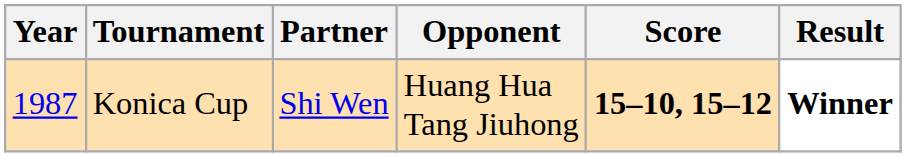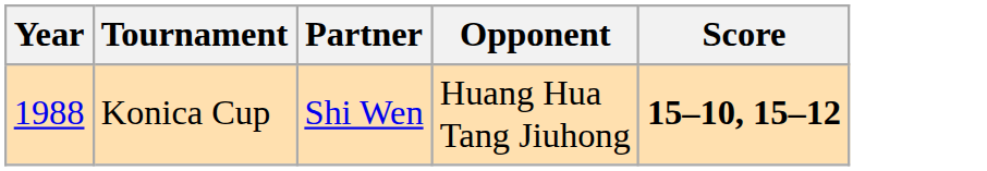 <table class="sortable wikitable" style="font-size: 90%;">
 <tr>
 <th>Year</th>
 <th>Tournament</th>
 <th>Partner</th>
 <th>Opponent</th>
 <th>Score</th>
-<th>Result</th>
 </tr>
 <tr style="background:#FFE0AF">
-<td align="center"><a href='#'>1987</a></td>
+<td align="center"><a href='#'>1988</a></td>
 <td align="left">Konica Cup</td>
 <td align="left"> <a href='#'>Shi Wen</a></td>
 <td align="left"> Huang Hua<br> Tang Jiuhong</td>
 <td align="left"><strong>15–10, 15–12</strong></td>
-<td style="text-align:left; background: white"> <strong>Winner</strong></td>
 </tr>
 </table>
